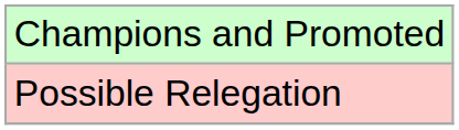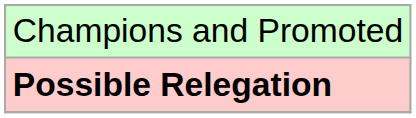 <table class="wikitable">
 <tr width=10px bgcolor="#ccffcc">
 <td>Champions and Promoted</td>
 </tr>
 <tr width=10px bgcolor="#ffcccc">
-<td>Possible Relegation</td>
+<td><strong>Possible Relegation</strong></td>
 </tr>
 <tr>
 </tr>
 </table>
